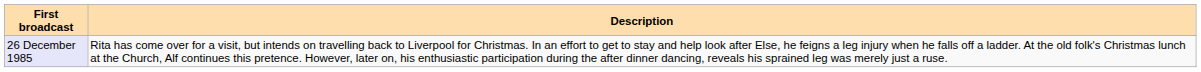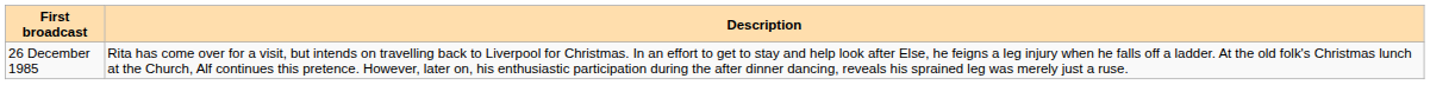 <table class="wikitable" border="1" style="font-size: 94%">
 <tr>
 <th style="background:#ffdead">First broadcast</th>
 <th style="background:#ffdead">Description</th>
 </tr>
 <tr>
-<td style="background: lavender;">26 December 1985</td>
+<td>26 December 1985</td>
 <td>Rita has come over for a visit, but intends on travelling back to Liverpool for Christmas. In an effort to get to stay and help look after Else, he feigns a leg injury when he falls off a ladder. At the old folk's Christmas lunch at the Church, Alf continues this pretence. However, later on, his enthusiastic participation during the after dinner dancing, reveals his sprained leg was merely just a ruse.</td>
 </tr>
 </table>
